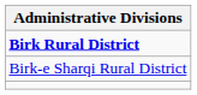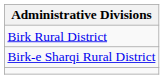 <table class="wikitable">
 <tr>
 <th>Administrative Divisions</th>
 </tr>
 <tr>
-<td><strong><a href='#'>Birk Rural District</a></strong></td>
+<td><a href='#'>Birk Rural District</a></td>
 </tr>
 <tr>
 <td><a href='#'>Birk-e Sharqi Rural District</a></td>
 </tr>
 <tr>
 <td colspan=1></td>
 </tr>
 </table>
